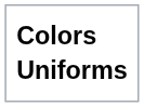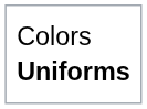 <table class="floatright" style="border: 1px solid #a2a9b1; padding:0.2em; margin-left:0.2em;">
 <tr>
 <td style="text-align:center;" colspan="2"></td>
 </tr>
 <tr>
-<td><strong>Colors</strong></td>
+<td>Colors</td>
 <td>  </td>
 </tr>
 <tr>
 <th colspan=2>Uniforms</th>
 </tr>
 <tr>
 <td></td>
 <td></td>
 </tr>
 </table>
